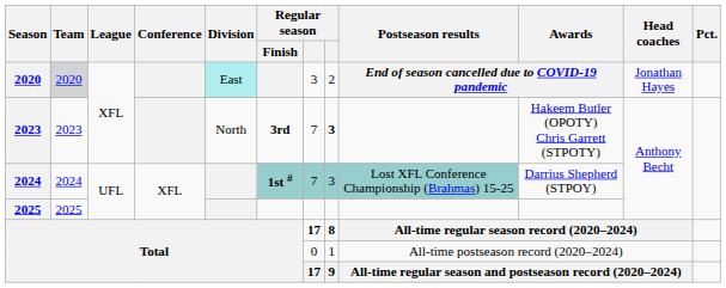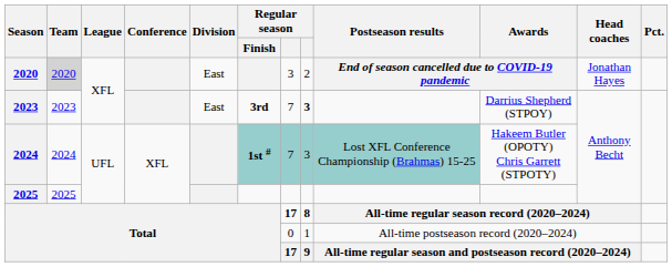 <table class="wikitable" style="text-align:center">
 <tr>
 <th rowspan="2">Season</th>
 <th rowspan="2">Team</th>
 <th rowspan="2">League</th>
 <th rowspan="2">Conference</th>
 <th rowspan="2">Division</th>
 <th colspan="3">Regular season</th>
 <th rowspan="2">Postseason results</th>
 <th rowspan="2">Awards</th>
 <th rowspan="2">Head coaches</th>
 <th rowspan="2">Pct.</th>
 </tr>
 <tr>
 <th>Finish</th>
 <th></th>
 <th></th>
 </tr>
 <tr>
 <th><a href='#'>2020</a></th>
 <td style="background: lightgrey;"><a href='#'>2020</a></td>
 <td rowspan="2">XFL</td>
 <th></th>
-<td style="background: paleturquoise;">East</td>
+<td>East</td>
 <th></th>
 <td>3</td>
 <td>2</td>
 <th colspan="2"><em>End of season cancelled due to <a href='#'>COVID-19 pandemic</a></em></th>
 <td><a href='#'>Jonathan Hayes</a></td>
 <td></td>
 </tr>
 <tr>
 <th><a href='#'>2023</a></th>
 <td><a href='#'>2023</a></td>
 <th></th>
-<td>North</td>
+<td>East</td>
 <td><strong>3rd</strong></td>
 <td>7</td>
 <td><strong>3</strong></td>
 <td></td>
-<td><a href='#'>Hakeem Butler</a> (OPOTY)<br><a href='#'>Chris Garrett</a> (STPOTY)</td>
+<td><a href='#'>Darrius Shepherd</a> (STPOY) </td>
 <td rowspan="3"><a href='#'>Anthony Becht</a></td>
 <td rowspan="3"></td>
 </tr>
 <tr>
 <th><a href='#'>2024</a></th>
 <td><a href='#'>2024</a></td>
 <td rowspan="2">UFL</td>
 <td rowspan="2">XFL</td>
 <th></th>
 <td bgcolor="#96cdcd"><strong>1st <sup>#</sup></strong></td>
 <td bgcolor="#96cdcd">7</td>
 <td bgcolor="#96cdcd">3</td>
 <td bgcolor="#96cdcd">Lost XFL Conference Championship (<a href='#'>Brahmas</a>) 15-25</td>
-<td><a href='#'>Darrius Shepherd</a> (STPOY) </td>
+<td><a href='#'>Hakeem Butler</a> (OPOTY)<br><a href='#'>Chris Garrett</a> (STPOTY)</td>
 </tr>
 <tr>
 <th><a href='#'>2025</a></th>
 <td><a href='#'>2025</a></td>
 <th></th>
 <td></td>
 <td></td>
 <td></td>
 <td></td>
 <td></td>
 </tr>
 <tr>
 <th rowspan="4" colspan="6">Total</th>
 <td><strong>17</strong></td>
 <td><strong>8</strong></td>
 <th colspan="3">All-time regular season record (2020–2024)</th>
 <td></td>
 </tr>
 <tr>
 <td>0</td>
 <td>1</td>
 <td colspan="3">All-time postseason record (2020–2024)</td>
 <td></td>
 </tr>
 <tr>
 <th>17</th>
 <th>9</th>
 <th colspan="3">All-time regular season and postseason record (2020–2024)</th>
 <td></td>
 </tr>
 </table>
